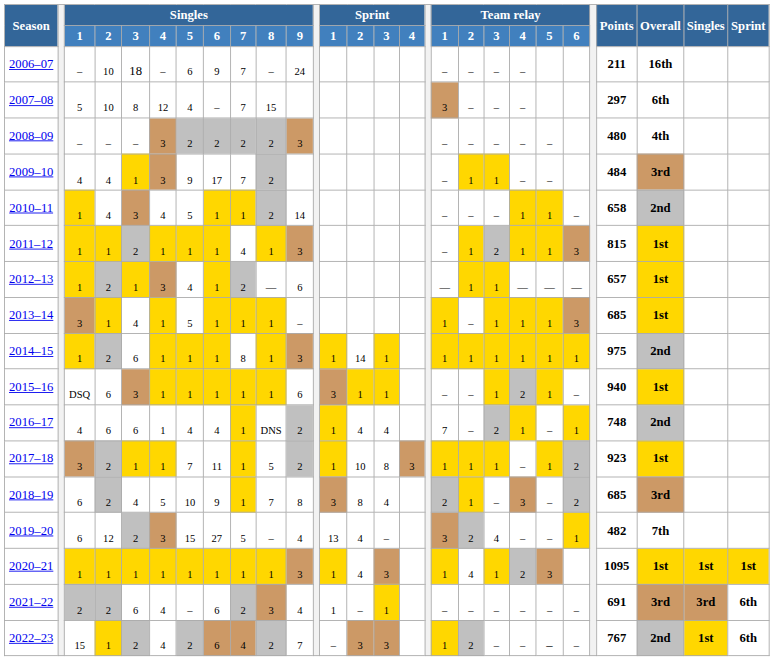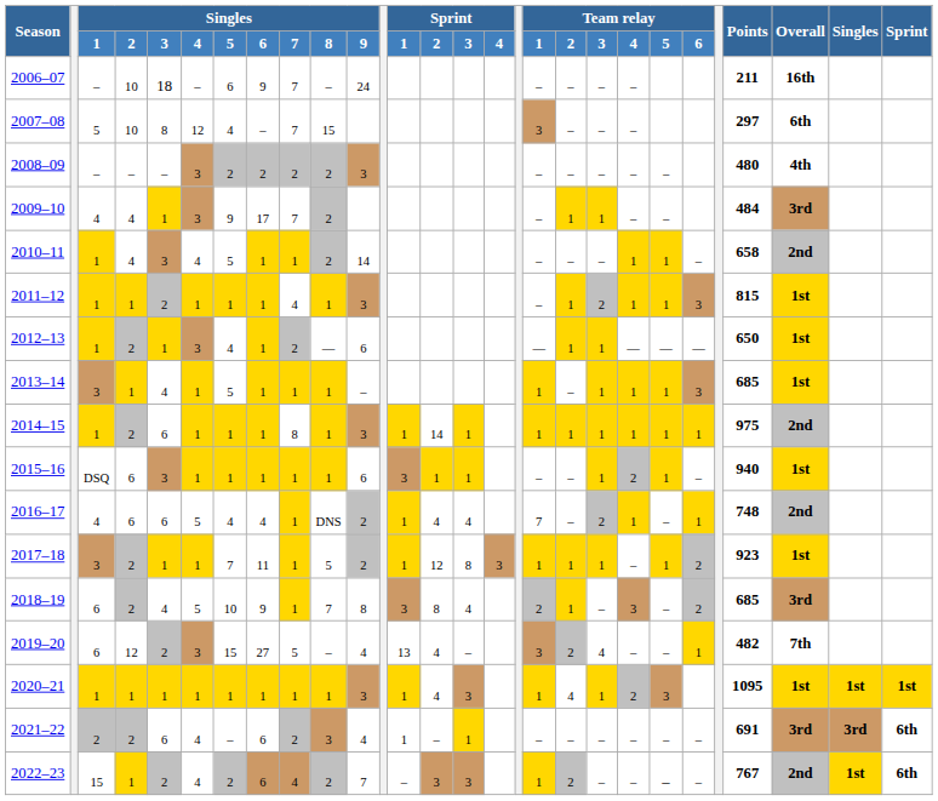 <table class="wikitable" style="font-size:90%; text-align:center; border:grey solid 1px; border-collapse:collapse; background:#ffffff;">
 <tr>
 <th rowspan="2" style="background-color:#369; color:white; width:60px">Season</th>
 <th rowspan="20" width="1px"></th>
 <th colspan="9" style="background-color:#369; color:white;">Singles</th>
 <th rowspan="20" width="1px"></th>
 <th colspan="4" style="background-color:#369; color:white;">Sprint</th>
 <th rowspan="20" width="1px"></th>
 <th colspan="6" style="background-color:#369; color:white;">Team relay</th>
 <th rowspan="20" width="1px"></th>
 <th rowspan="2" style="background-color:#369; color:white; width:40px">Points</th>
 <th rowspan="2" style="background-color:#369; color:white; width:40px">Overall</th>
 <th rowspan="2" style="background-color:#369; color:white; width:40px">Singles</th>
 <th rowspan="2" style="background-color:#369; color:white; width:40px">Sprint</th>
 </tr>
 <tr>
 <th style="background-color:#4180be; color:white; width:30px">1</th>
 <th style="background-color:#4180be; color:white; width:30px">2</th>
 <th style="background-color:#4180be; color:white; width:30px">3</th>
 <th style="background-color:#4180be; color:white; width:30px">4</th>
 <th style="background-color:#4180be; color:white; width:30px">5</th>
 <th style="background-color:#4180be; color:white; width:30px">6</th>
 <th style="background-color:#4180be; color:white; width:30px">7</th>
 <th style="background-color:#4180be; color:white; width:30px">8</th>
 <th style="background-color:#4180be; color:white; width:30px">9</th>
 <th style="background-color:#4180be; color:white; width:30px">1</th>
 <th style="background-color:#4180be; color:white; width:30px">2</th>
 <th style="background-color:#4180be; color:white; width:30px">3</th>
 <th style="background-color:#4180be; color:white; width:30px">4</th>
 <th style="background-color:#4180be; color:white; width:30px">1</th>
 <th style="background-color:#4180be; color:white; width:30px">2</th>
 <th style="background-color:#4180be; color:white; width:30px">3</th>
 <th style="background-color:#4180be; color:white; width:30px">4</th>
 <th style="background-color:#4180be; color:white; width:30px">5</th>
 <th style="background-color:#4180be; color:white; width:30px">6</th>
 </tr>
 <tr>
 <td><a href='#'>2006–07</a></td>
 <td><br><small>–</small></td>
 <td><br><small>10</small></td>
 <td><br>18<small></small></td>
 <td><br><small>–</small></td>
 <td><br><small>6</small></td>
 <td><br><small>9</small></td>
 <td><br><small>7</small></td>
 <td><br><small>–</small></td>
 <td><br><small>24</small></td>
 <td></td>
 <td></td>
 <td></td>
 <td></td>
 <td><br><small>–</small></td>
 <td><br><small>–</small></td>
 <td><br><small>–</small></td>
 <td><br><small>–</small></td>
 <td></td>
 <td></td>
 <td><strong>211</strong></td>
 <td><strong>16th</strong></td>
 <td></td>
 <td></td>
 </tr>
 <tr>
 <td><a href='#'>2007–08</a></td>
 <td><br><small>5</small></td>
 <td><br><small>10</small></td>
 <td><br><small>8</small></td>
 <td><br><small>12</small></td>
 <td><br><small>4</small></td>
 <td><br><small>–</small></td>
 <td><br><small>7</small></td>
 <td><br><small>15</small></td>
 <td></td>
 <td></td>
 <td></td>
 <td></td>
 <td></td>
 <td style="background:#cc9966;"><br><small>3</small></td>
 <td><br><small>–</small></td>
 <td><br><small>–</small></td>
 <td><br><small>–</small></td>
 <td></td>
 <td></td>
 <td><strong>297</strong></td>
 <td><strong>6th</strong></td>
 <td></td>
 <td></td>
 </tr>
 <tr>
 <td><a href='#'>2008–09</a></td>
 <td><br><small>–</small></td>
 <td><br><small>–</small></td>
 <td><br><small>–</small></td>
 <td style="background:#cc9966;"><br><small>3</small></td>
 <td style="background:silver;"><br><small>2</small></td>
 <td style="background:silver;"><br><small>2</small></td>
 <td style="background:silver;"><br><small>2</small></td>
 <td style="background:silver;"><br><small>2</small></td>
 <td style="background:#cc9966;"><br><small>3</small></td>
 <td></td>
 <td></td>
 <td></td>
 <td></td>
 <td><br><small>–</small></td>
 <td><br><small>–</small></td>
 <td><br><small>–</small></td>
 <td><br><small>–</small></td>
 <td><br><small>–</small></td>
 <td></td>
 <td><strong>480</strong></td>
 <td><strong>4th</strong></td>
 <td></td>
 <td></td>
 </tr>
 <tr>
 <td><a href='#'>2009–10</a></td>
 <td><br><small>4</small></td>
 <td><br><small>4</small></td>
 <td style="background:gold;"><br><small>1</small></td>
 <td style="background:#cc9966;"><br><small>3</small></td>
 <td><br><small>9</small></td>
 <td><br><small>17</small></td>
 <td><br><small>7</small></td>
 <td style="background:silver;"><br><small>2</small></td>
 <td></td>
 <td></td>
 <td></td>
 <td></td>
 <td></td>
 <td><br><small>–</small></td>
 <td style="background:gold;"><br><small>1</small></td>
 <td style="background:gold;"><br><small>1</small></td>
 <td><br><small>–</small></td>
 <td><br><small>–</small></td>
 <td></td>
 <td><strong>484</strong></td>
 <td style="background:#cc9966;"><strong>3rd</strong></td>
 <td></td>
 <td></td>
 </tr>
 <tr>
 <td><a href='#'>2010–11</a></td>
 <td style="background:gold;"><br><small>1</small></td>
 <td><br><small>4</small></td>
 <td style="background:#cc9966;"><br><small>3</small></td>
 <td><br><small>4</small></td>
 <td><br><small>5</small></td>
 <td style="background:gold;"><br><small>1</small></td>
 <td style="background:gold;"><br><small>1</small></td>
 <td style="background:silver;"><br><small>2</small></td>
 <td><br><small>14</small></td>
 <td></td>
 <td></td>
 <td></td>
 <td></td>
 <td><br><small>–</small></td>
 <td><br><small>–</small></td>
 <td><br><small>–</small></td>
 <td style="background:gold;"><br><small>1</small></td>
 <td style="background:gold;"><br><small>1</small></td>
 <td><br><small>–</small></td>
 <td><strong>658</strong></td>
 <td style="background:silver;"><strong>2nd</strong></td>
 <td></td>
 <td></td>
 </tr>
 <tr>
 <td><a href='#'>2011–12</a></td>
 <td style="background:gold;"><br><small>1</small></td>
 <td style="background:gold;"><br><small>1</small></td>
 <td style="background:silver;"><br><small>2</small></td>
 <td style="background:gold;"><br><small>1</small></td>
 <td style="background:gold;"><br><small>1</small></td>
 <td style="background:gold;"><br><small>1</small></td>
 <td><br><small>4</small></td>
 <td style="background:gold;"><br><small>1</small></td>
 <td style="background:#cc9966;"><br><small>3</small></td>
 <td></td>
 <td></td>
 <td></td>
 <td></td>
 <td><br><small>–</small></td>
 <td style="background:gold;"><br><small>1</small></td>
 <td style="background:silver;"><br><small>2</small></td>
 <td style="background:gold;"><br><small>1</small></td>
 <td style="background:gold;"><br><small>1</small></td>
 <td style="background:#CC9966;"><br><small>3</small></td>
 <td><strong>815</strong></td>
 <td style="background:gold;"><strong>1st</strong></td>
 <td></td>
 <td></td>
 </tr>
 <tr>
 <td><a href='#'>2012–13</a></td>
 <td style="background:gold;"><br><small>1</small></td>
 <td style="background:silver;"><br><small>2</small></td>
 <td style="background:gold;"><br><small>1</small></td>
 <td style="background:#cc9966;"><br><small>3</small></td>
 <td><br><small>4</small></td>
 <td style="background:gold;"><br><small>1</small></td>
 <td style="background:silver;"><br><small>2</small></td>
 <td><br><small>—</small></td>
 <td><br><small>6</small></td>
 <td></td>
 <td></td>
 <td></td>
 <td></td>
 <td><br><small>—</small></td>
 <td style="background:gold;"><br><small>1</small></td>
 <td style="background:gold;"><br><small>1</small></td>
 <td><br><small>—</small></td>
 <td><br><small>—</small></td>
 <td><br><small>—</small></td>
-<td><strong>657</strong></td>
+<td><strong>650</strong></td>
 <td style="background:gold;"><strong>1st</strong></td>
 <td></td>
 <td></td>
 </tr>
 <tr>
 <td><a href='#'>2013–14</a></td>
 <td style="background:#cc9966;"><br><small>3</small></td>
 <td style="background:gold;"><br><small>1</small></td>
 <td><br><small>4</small></td>
 <td style="background:gold;"><br><small>1</small></td>
 <td><br><small>5</small></td>
 <td style="background:gold;"><br><small>1</small></td>
 <td style="background:gold;"><br><small>1</small></td>
 <td style="background:gold;"><br><small>1</small></td>
 <td><br><small>–</small></td>
 <td></td>
 <td></td>
 <td></td>
 <td></td>
 <td style="background:gold;"><br><small>1</small></td>
 <td><br><small>–</small></td>
 <td style="background:gold;"><br><small>1</small></td>
 <td style="background:gold;"><br><small>1</small></td>
 <td style="background:gold;"><br><small>1</small></td>
 <td style="background:#CC9966;"><br><small>3</small></td>
 <td><strong>685</strong></td>
 <td style="background:gold;"><strong>1st</strong></td>
 <td></td>
 <td></td>
 </tr>
 <tr>
 <td><a href='#'>2014–15</a></td>
 <td style="background:gold;"><br><small>1</small></td>
 <td style="background:silver;"><br><small>2</small></td>
 <td><br><small>6</small></td>
 <td style="background:gold;"><br><small>1</small></td>
 <td style="background:gold;"><br><small>1</small></td>
 <td style="background:gold;"><br><small>1</small></td>
 <td><br><small>8</small></td>
 <td style="background:gold;"><br><small>1</small></td>
 <td style="background:#cc9966;"><br><small>3</small></td>
 <td style="background:gold;"><br><small>1</small></td>
 <td><br><small>14</small></td>
 <td style="background:gold;"><br><small>1</small></td>
 <td></td>
 <td style="background:gold;"><br><small>1</small></td>
 <td style="background:gold;"><br><small>1</small></td>
 <td style="background:gold;"><br><small>1</small></td>
 <td style="background:gold;"><br><small>1</small></td>
 <td style="background:gold;"><br><small>1</small></td>
 <td style="background:gold;"><br><small>1</small></td>
 <td><strong>975</strong></td>
 <td style="background:silver;"><strong>2nd</strong></td>
 <td></td>
 <td></td>
 </tr>
 <tr>
 <td><a href='#'>2015–16</a></td>
 <td><br><small>DSQ</small></td>
 <td><br><small>6</small></td>
 <td style="background:#cc9966;"><br><small>3</small></td>
 <td style="background:gold"><br><small>1</small></td>
 <td style="background:gold;"><br><small>1</small></td>
 <td style="background:gold;"><br><small>1</small></td>
 <td style="background:gold;"><br><small>1</small></td>
 <td style="background:gold;"><br><small>1</small></td>
 <td><br><small>6</small></td>
 <td style="background:#cc9966;"><br><small>3</small></td>
 <td style="background:gold;"><br><small>1</small></td>
 <td style="background:gold;"><br><small>1</small></td>
 <td></td>
 <td><br><small>–</small></td>
 <td><br><small>–</small></td>
 <td style="background:gold;"><br><small>1</small></td>
 <td style="background:silver;"><br><small>2</small></td>
 <td style="background:gold;"><br><small>1</small></td>
 <td><br><small>–</small></td>
 <td><strong>940</strong></td>
 <td style="background:gold;"><strong>1st</strong></td>
 <td></td>
 <td></td>
 </tr>
 <tr>
 <td><a href='#'>2016–17</a></td>
 <td><br><small>4</small></td>
 <td><br><small>6</small></td>
 <td><br><small>6</small></td>
-<td><br><small>1</small></td>
+<td><br><small>5</small></td>
 <td><br><small>4</small></td>
 <td><br><small>4</small></td>
 <td style="background:gold;"><br><small>1</small></td>
 <td><br><small>DNS</small></td>
 <td style="background:silver;"><br><small>2</small></td>
 <td style="background:gold;"><br><small>1</small></td>
 <td><br><small>4</small></td>
 <td><br><small>4</small></td>
 <td></td>
 <td><br><small>7</small></td>
 <td><br><small>–</small></td>
 <td style="background:silver;"><br><small>2</small></td>
 <td style="background:gold;"><br><small>1</small></td>
 <td><br><small>–</small></td>
 <td style="background:gold;"><br><small>1</small></td>
 <td><strong>748</strong></td>
 <td style="background:silver;"><strong>2nd</strong></td>
 <td></td>
 <td></td>
 </tr>
 <tr>
 <td><a href='#'>2017–18</a></td>
 <td style="background:#CC9966;"><br><small>3</small></td>
 <td style="background:silver;"><br><small>2</small></td>
 <td style="background:gold;"><br><small>1</small></td>
 <td style="background:gold;"><br><small>1</small></td>
 <td><br><small>7</small></td>
 <td><br><small>11</small></td>
 <td style="background:gold;"><br><small>1</small></td>
 <td><br><small>5</small></td>
 <td style="background:silver;"><br><small>2</small></td>
 <td style="background:gold;"><br><small>1</small></td>
-<td><br><small>10</small></td>
+<td><br><small>12</small></td>
 <td><br><small>8</small></td>
 <td style="background:#CC9966;"><br><small>3</small></td>
 <td style="background:gold;"><br><small>1</small></td>
 <td style="background:gold;"><br><small>1</small></td>
 <td style="background:gold;"><br><small>1</small></td>
 <td><br><small>–</small></td>
 <td style="background:gold;"><br><small>1</small></td>
 <td style="background:silver;"><br><small>2</small></td>
 <td><strong>923</strong></td>
 <td style="background:gold;"><strong>1st</strong></td>
 <td></td>
 <td></td>
 </tr>
 <tr>
 <td><a href='#'>2018–19</a></td>
 <td><br><small>6</small></td>
 <td style="background:silver;"><br><small>2</small></td>
 <td><br><small>4</small></td>
 <td><br><small>5</small></td>
 <td><br><small>10</small></td>
 <td><br><small>9</small></td>
 <td style="background:gold;"><br><small>1</small></td>
 <td><br><small>7</small></td>
 <td><br><small>8</small></td>
 <td style="background:#cc9966;"><br><small>3</small></td>
 <td><br><small>8</small></td>
 <td><br><small>4</small></td>
 <td></td>
 <td style="background:silver;"><br><small>2</small></td>
 <td style="background:gold;"><br><small>1</small></td>
 <td><br><small>–</small></td>
 <td style="background:#cc9966;"><br><small>3</small></td>
 <td><br><small>–</small></td>
 <td style="background:silver;"><br><small>2</small></td>
 <td><strong>685</strong></td>
 <td style="background:#cc9966;"><strong>3rd</strong></td>
 <td></td>
 <td></td>
 </tr>
 <tr>
 <td><a href='#'>2019–20</a></td>
 <td><br><small>6</small></td>
 <td><br><small>12</small></td>
 <td style="background:silver;"><br><small>2</small></td>
 <td style="background:#cc9966;"><br><small>3</small></td>
 <td><br><small>15</small></td>
 <td><br><small>27</small></td>
 <td><br><small>5</small></td>
 <td><br><small>–</small></td>
 <td><br><small>4</small></td>
 <td><br><small>13</small></td>
 <td><br><small>4</small></td>
 <td><br><small>–</small></td>
 <td></td>
 <td style="background:#cc9966;"><br><small>3</small></td>
 <td style="background:silver;"><br><small>2</small></td>
 <td><br><small>4</small></td>
 <td><br><small>–</small></td>
 <td><br><small>–</small></td>
 <td style="background:gold;"><br><small>1</small></td>
 <td><strong>482</strong></td>
 <td><strong>7th</strong></td>
 <td></td>
 <td></td>
 </tr>
 <tr>
 <td><a href='#'>2020–21</a></td>
 <td style="background:gold;"><br><small>1</small></td>
 <td style="background:gold;"><br><small>1</small></td>
 <td style="background:gold;"><br><small>1</small></td>
 <td style="background:gold;"><br><small>1</small></td>
 <td style="background:gold;"><br><small>1</small></td>
 <td style="background:gold;"><br><small>1</small></td>
 <td style="background:gold;"><br><small>1</small></td>
 <td style="background:gold;"><br><small>1</small></td>
 <td style="background:#cc9966;"><br><small>3</small></td>
 <td style="background:gold;"><br><small>1</small></td>
 <td><br><small>4</small></td>
 <td style="background:#cc9966;"><br><small>3</small></td>
 <td></td>
 <td style="background:gold;"><br><small>1</small></td>
 <td><br><small>4</small></td>
 <td style="background:gold;"><br><small>1</small></td>
 <td style="background:silver;"><br><small>2</small></td>
 <td style="background:#cc9966;"><br><small>3</small></td>
 <td><br><small></small></td>
 <td><strong>1095</strong></td>
 <td style="background:gold;"><strong>1st</strong></td>
 <td style="background:gold;"><strong>1st</strong></td>
 <td style="background:gold;"><strong>1st</strong></td>
 </tr>
 <tr>
 <td><a href='#'>2021–22</a></td>
 <td style="background:silver;"><br><small>2</small></td>
 <td style="background:silver;"><br><small>2</small></td>
 <td><br><small>6</small></td>
 <td><br><small>4</small></td>
 <td><br><small>–</small></td>
 <td><br><small>6</small></td>
 <td style="background:silver;"><br><small>2</small></td>
 <td style="background:#cc9966;"><br><small>3</small></td>
 <td><br><small>4</small></td>
 <td><br><small>1</small></td>
 <td><br><small>–</small></td>
 <td style="background:gold;"><br><small>1</small></td>
 <td></td>
 <td><br><small>–</small></td>
 <td><br><small>–</small></td>
 <td><br><small>–</small></td>
 <td><br><small>–</small></td>
 <td><br><small>–</small></td>
 <td><br><small>–</small></td>
 <td><strong>691</strong></td>
 <td style="background:#cc9966;"><strong>3rd</strong></td>
 <td style="background:#cc9966;"><strong>3rd</strong></td>
 <td><strong>6th</strong></td>
 </tr>
 <tr>
 <td><a href='#'>2022–23</a></td>
 <td><br><small>15</small></td>
 <td style="background:gold;"><br><small>1</small></td>
 <td style="background:silver;"><br><small>2</small></td>
 <td><br><small>4</small></td>
 <td style="background:silver;"><br><small>2</small></td>
 <td style="background:#cc9966;"><br><small>6</small></td>
 <td style="background:#cc9966;"><br><small>4</small></td>
 <td style="background:silver;"><br><small>2</small></td>
 <td><br><small>7 </small></td>
 <td><br><small>–</small></td>
 <td style="background:#cc9966;"><br><small>3</small></td>
 <td style="background:#cc9966;"><br><small>3</small></td>
 <td></td>
 <td style="background:gold;"><br><small>1</small></td>
 <td style="background:silver;"><br><small>2</small></td>
 <td><br><small>–</small></td>
 <td><br><small>–</small></td>
 <td><br>–<small> </small></td>
 <td><br><small>– </small></td>
 <td><strong>767</strong></td>
 <td style="background:silver;"><strong>2nd</strong></td>
 <td style="background:gold;"><strong>1st</strong></td>
 <td><strong>6th</strong></td>
 </tr>
 </table>
